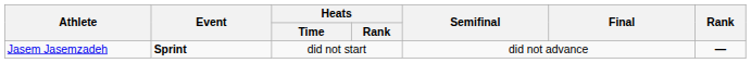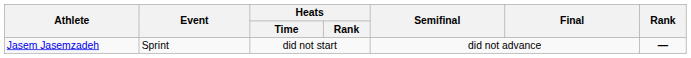 <table class="wikitable" width="75%" style="text-align:center; font-size:90%">
 <tr>
 <th rowspan="2" width="11%">Athlete</th>
 <th rowspan="2" width="9%">Event</th>
 <th colspan="2">Heats</th>
 <th rowspan="2" width="11%">Semifinal</th>
 <th rowspan="2" width="11%">Final</th>
 <th rowspan="2" width="3%">Rank</th>
 </tr>
 <tr>
 <th width="6%">Time</th>
 <th width="3%">Rank</th>
 </tr>
 <tr>
 <td align="left"><a href='#'>Jasem Jasemzadeh</a></td>
-<td align="left"><strong>Sprint</strong></td>
+<td align="left">Sprint</td>
 <td colspan=2>did not start</td>
 <td colspan=2>did not advance</td>
 <td align=center><strong>—</strong></td>
 </tr>
 </table>
